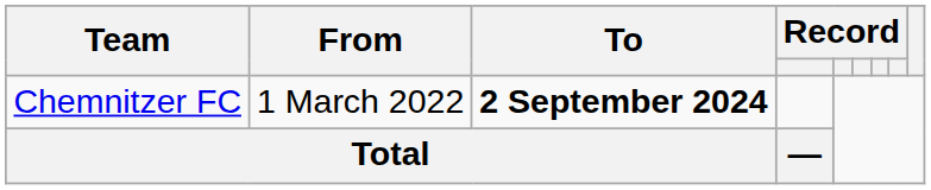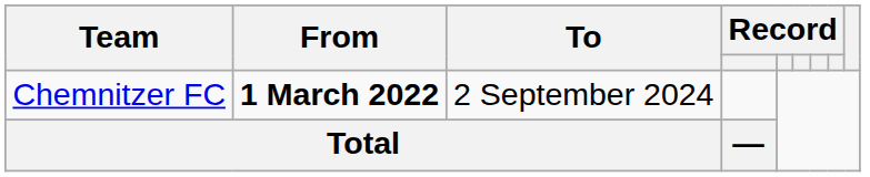 <table class="wikitable" style="text-align: center">
 <tr>
 <th rowspan="2">Team</th>
 <th rowspan="2">From</th>
 <th rowspan="2">To</th>
 <th colspan="5">Record</th>
 <th rowspan="2"></th>
 </tr>
 <tr>
 <th></th>
 <th></th>
 <th></th>
 <th></th>
 <th></th>
 </tr>
 <tr>
 <td><a href='#'>Chemnitzer FC</a></td>
-<td>1 March 2022</td>
-<td><strong>2 September 2024<br></strong></td>
+<td><strong>1 March 2022</strong></td>
+<td>2 September 2024<br></td>
 <td></td>
 </tr>
 <tr>
 <th colspan="3">Total<br></th>
 <th>—</th>
 </tr>
 </table>
